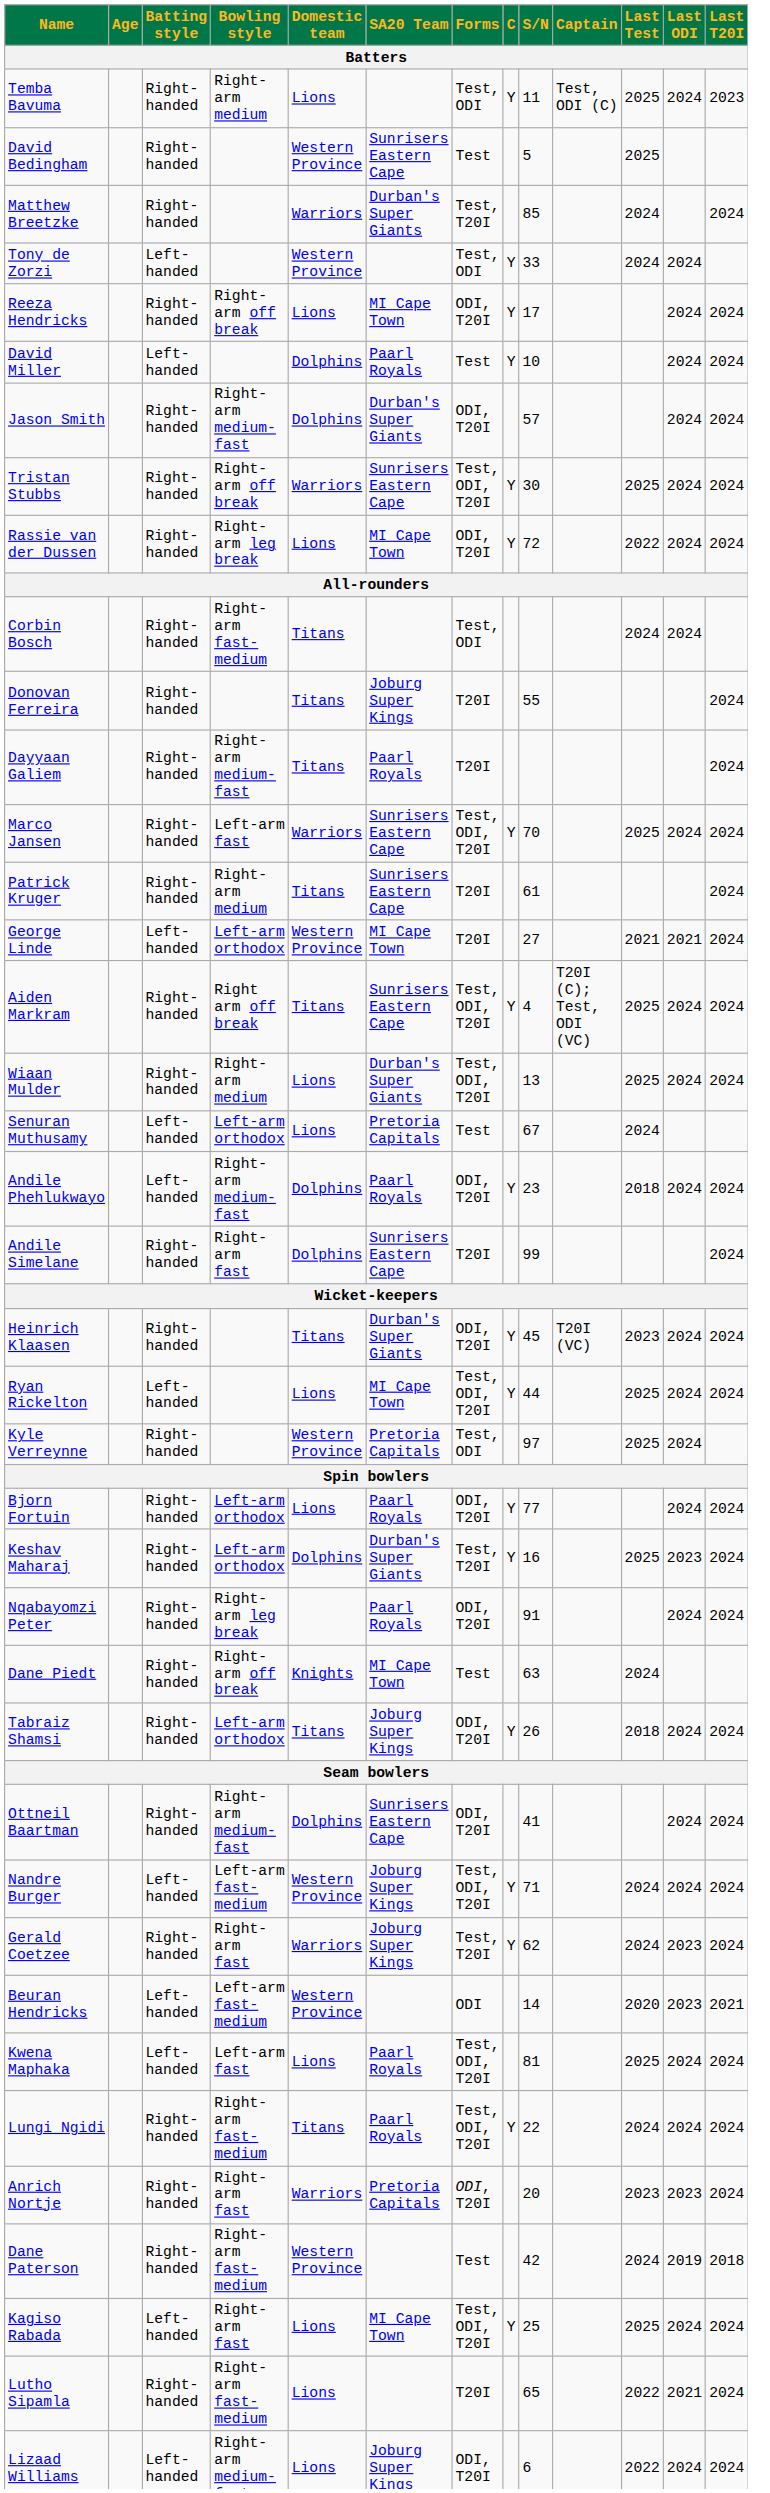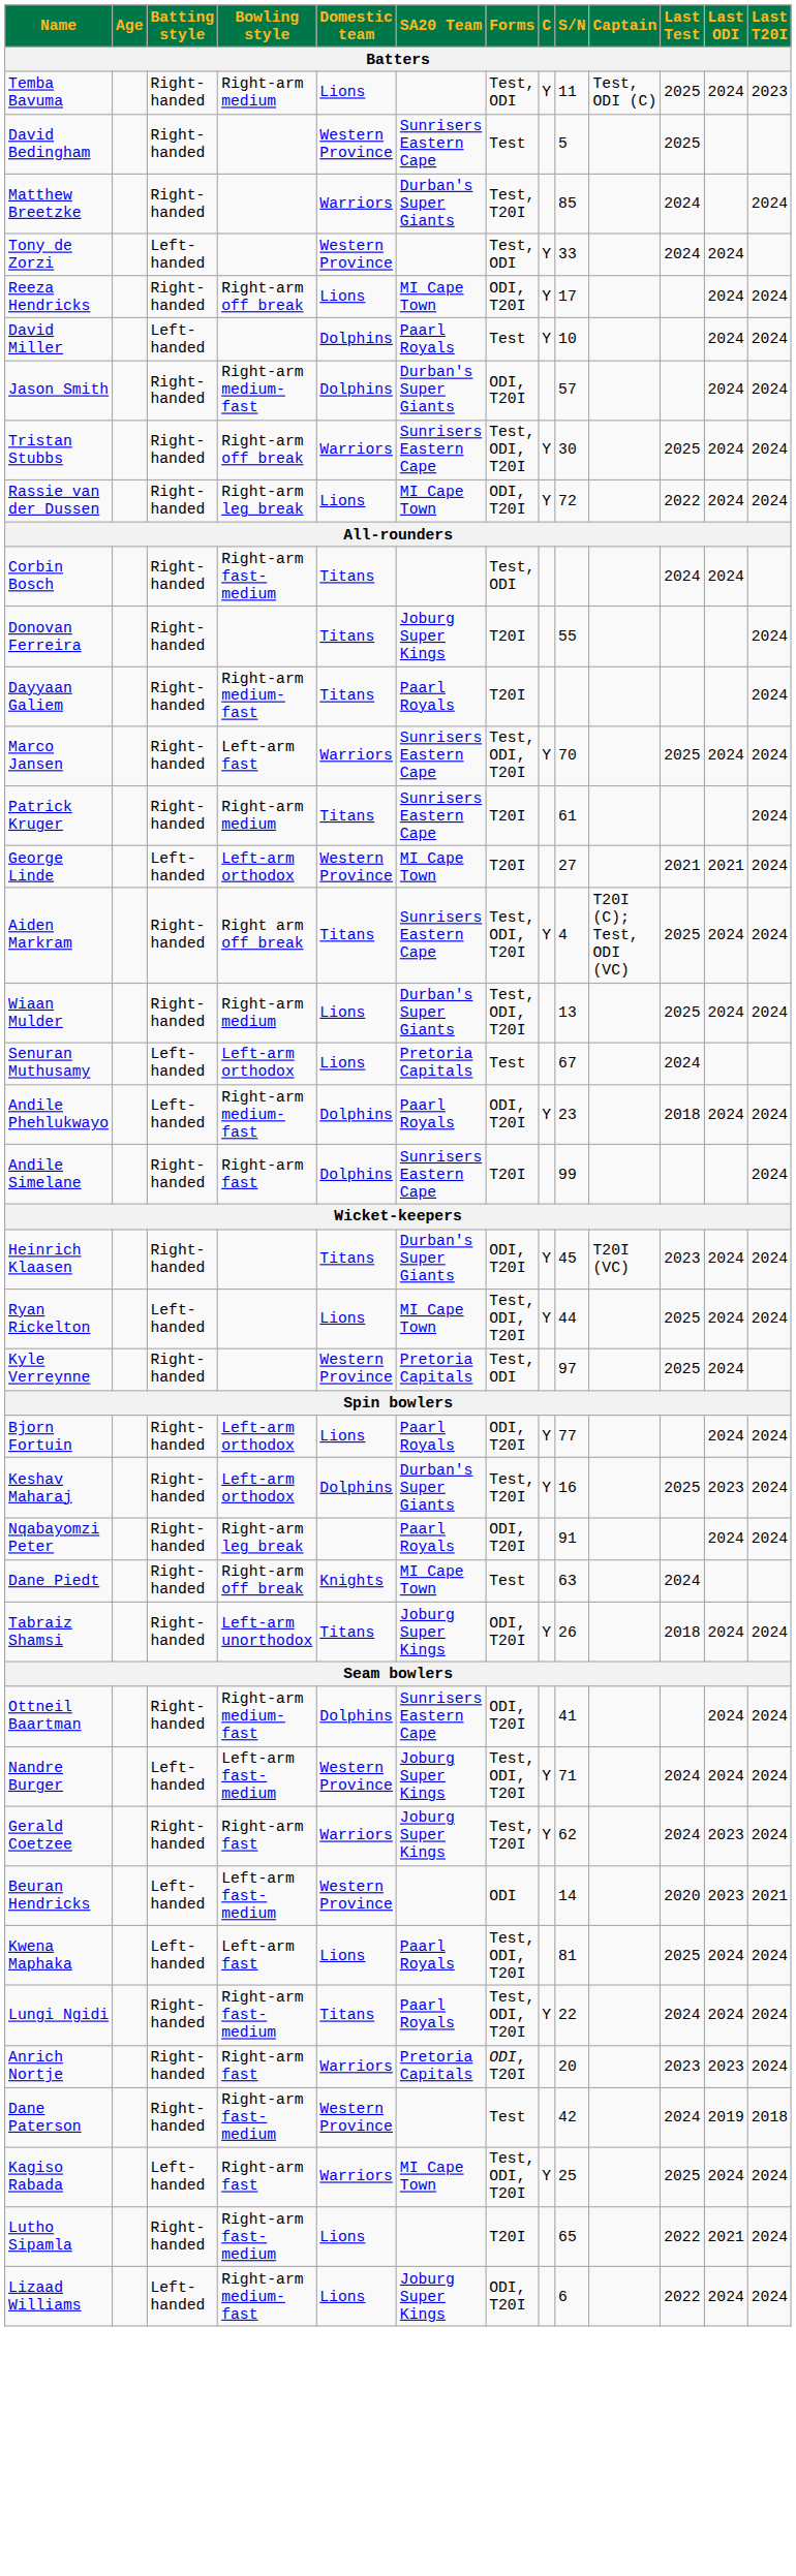 <table class="wikitable">
 <tr>
 <th style="text-align:center; background:#007749; color:#FFB81C;">Name</th>
 <th style="text-align:center; background:#007749; color:#FFB81C;">Age</th>
 <th style="text-align:center; background:#007749; color:#FFB81C;">Batting style</th>
 <th style="text-align:center; background:#007749; color:#FFB81C;">Bowling style</th>
 <th style="text-align:center; background:#007749; color:#FFB81C;">Domestic team</th>
 <th style="text-align:center; background:#007749; color:#FFB81C;">SA20 Team</th>
 <th style="text-align:center; background:#007749; color:#FFB81C;">Forms</th>
 <th style="text-align:center; background:#007749; color:#FFB81C;">C</th>
 <th style="text-align:center; background:#007749; color:#FFB81C;">S/N</th>
 <th style="text-align:center; background:#007749; color:#FFB81C;">Captain</th>
 <th style="text-align:center; background:#007749; color:#FFB81C;">Last Test</th>
 <th style="text-align:center; background:#007749; color:#FFB81C;">Last ODI</th>
 <th style="text-align:center; background:#007749; color:#FFB81C;">Last T20I</th>
 </tr>
 <tr>
 <th colspan="13">Batters</th>
 </tr>
 <tr>
 <td><a href='#'>Temba Bavuma</a></td>
 <td></td>
 <td>Right-handed</td>
 <td>Right-arm <a href='#'>medium</a></td>
 <td><a href='#'>Lions</a></td>
 <td></td>
 <td>Test, ODI</td>
 <td>Y</td>
 <td>11</td>
 <td>Test, ODI (C)</td>
 <td> 2025</td>
 <td> 2024</td>
 <td> 2023</td>
 </tr>
 <tr>
 <td><a href='#'>David Bedingham</a></td>
 <td></td>
 <td>Right-handed</td>
 <td></td>
 <td><a href='#'>Western Province</a></td>
 <td><a href='#'>Sunrisers Eastern Cape</a></td>
 <td>Test</td>
 <td></td>
 <td>5</td>
 <td></td>
 <td> 2025</td>
 <td></td>
 <td></td>
 </tr>
 <tr>
 <td><a href='#'>Matthew Breetzke</a></td>
 <td></td>
 <td>Right-handed</td>
 <td></td>
 <td><a href='#'>Warriors</a></td>
 <td><a href='#'>Durban's Super Giants</a></td>
 <td>Test, T20I</td>
 <td></td>
 <td>85</td>
 <td></td>
 <td> 2024</td>
 <td></td>
 <td> 2024</td>
 </tr>
 <tr>
 <td><a href='#'>Tony de Zorzi</a></td>
 <td></td>
 <td>Left-handed</td>
 <td></td>
 <td><a href='#'>Western Province</a></td>
 <td></td>
 <td>Test, ODI</td>
 <td>Y</td>
 <td>33</td>
 <td></td>
 <td> 2024</td>
 <td> 2024</td>
 <td></td>
 </tr>
 <tr>
 <td><a href='#'>Reeza Hendricks</a></td>
 <td></td>
 <td>Right-handed</td>
 <td>Right-arm <a href='#'>off break</a></td>
 <td><a href='#'>Lions</a></td>
 <td><a href='#'>MI Cape Town</a></td>
 <td>ODI, T20I</td>
 <td>Y</td>
 <td>17</td>
 <td></td>
 <td></td>
 <td> 2024</td>
 <td> 2024</td>
 </tr>
 <tr>
 <td><a href='#'>David Miller</a></td>
 <td></td>
 <td>Left-handed</td>
 <td></td>
 <td><a href='#'>Dolphins</a></td>
 <td><a href='#'>Paarl Royals</a></td>
 <td>Test</td>
 <td>Y</td>
 <td>10</td>
 <td></td>
 <td></td>
 <td> 2024</td>
 <td> 2024</td>
 </tr>
 <tr>
 <td><a href='#'>Jason Smith</a></td>
 <td></td>
 <td>Right-handed</td>
 <td>Right-arm <a href='#'>medium-fast</a></td>
 <td><a href='#'>Dolphins</a></td>
 <td><a href='#'>Durban's Super Giants</a></td>
 <td>ODI, T20I</td>
 <td></td>
 <td>57</td>
 <td></td>
 <td></td>
 <td> 2024</td>
 <td> 2024</td>
 </tr>
 <tr>
 <td><a href='#'>Tristan Stubbs</a></td>
 <td></td>
 <td>Right-handed</td>
 <td>Right-arm <a href='#'>off break</a></td>
 <td><a href='#'>Warriors</a></td>
 <td><a href='#'>Sunrisers Eastern Cape</a></td>
 <td>Test, ODI, T20I</td>
 <td>Y</td>
 <td>30</td>
 <td></td>
 <td> 2025</td>
 <td> 2024</td>
 <td> 2024</td>
 </tr>
 <tr>
 <td><a href='#'>Rassie van der Dussen</a></td>
 <td></td>
 <td>Right-handed</td>
 <td>Right-arm <a href='#'>leg break</a></td>
 <td><a href='#'>Lions</a></td>
 <td><a href='#'>MI Cape Town</a></td>
 <td>ODI, T20I</td>
 <td>Y</td>
 <td>72</td>
 <td></td>
 <td> 2022</td>
 <td> 2024</td>
 <td> 2024</td>
 </tr>
 <tr>
 <th colspan="13">All-rounders</th>
 </tr>
 <tr>
 <td><a href='#'>Corbin Bosch</a></td>
 <td></td>
 <td>Right-handed</td>
 <td>Right-arm <a href='#'>fast-medium</a></td>
 <td><a href='#'>Titans</a></td>
 <td></td>
 <td>Test, ODI</td>
 <td></td>
 <td></td>
 <td></td>
 <td> 2024</td>
 <td> 2024</td>
 <td></td>
 </tr>
 <tr>
 <td><a href='#'>Donovan Ferreira</a></td>
 <td></td>
 <td>Right-handed</td>
 <td></td>
 <td><a href='#'>Titans</a></td>
 <td><a href='#'>Joburg Super Kings</a></td>
 <td>T20I</td>
 <td></td>
 <td>55</td>
 <td></td>
 <td></td>
 <td></td>
 <td> 2024</td>
 </tr>
 <tr>
 <td><a href='#'>Dayyaan Galiem</a></td>
 <td></td>
 <td>Right-handed</td>
 <td>Right-arm <a href='#'>medium-fast</a></td>
 <td><a href='#'>Titans</a></td>
 <td><a href='#'>Paarl Royals</a></td>
 <td>T20I</td>
 <td></td>
 <td></td>
 <td></td>
 <td></td>
 <td></td>
 <td> 2024</td>
 </tr>
 <tr>
 <td><a href='#'>Marco Jansen</a></td>
 <td></td>
 <td>Right-handed</td>
 <td>Left-arm <a href='#'>fast</a></td>
 <td><a href='#'>Warriors</a></td>
 <td><a href='#'>Sunrisers Eastern Cape</a></td>
 <td>Test, ODI, T20I</td>
 <td>Y</td>
 <td>70</td>
 <td></td>
 <td> 2025</td>
 <td> 2024</td>
 <td> 2024</td>
 </tr>
 <tr>
 <td><a href='#'>Patrick Kruger</a></td>
 <td></td>
 <td>Right-handed</td>
 <td>Right-arm <a href='#'>medium</a></td>
 <td><a href='#'>Titans</a></td>
 <td><a href='#'>Sunrisers Eastern Cape</a></td>
 <td>T20I</td>
 <td></td>
 <td>61</td>
 <td></td>
 <td></td>
 <td></td>
 <td> 2024</td>
 </tr>
 <tr>
 <td><a href='#'>George Linde</a></td>
 <td></td>
 <td>Left-handed</td>
 <td><a href='#'>Left-arm orthodox</a></td>
 <td><a href='#'>Western Province</a></td>
 <td><a href='#'>MI Cape Town</a></td>
 <td>T20I</td>
 <td></td>
 <td>27</td>
 <td></td>
 <td> 2021</td>
 <td> 2021</td>
 <td> 2024</td>
 </tr>
 <tr>
 <td><a href='#'>Aiden Markram</a></td>
 <td></td>
 <td>Right-handed</td>
 <td>Right arm <a href='#'>off break</a></td>
 <td><a href='#'>Titans</a></td>
 <td><a href='#'>Sunrisers Eastern Cape</a></td>
 <td>Test, ODI, T20I</td>
 <td>Y</td>
 <td>4</td>
 <td>T20I (C); Test, ODI (VC)</td>
 <td> 2025</td>
 <td> 2024</td>
 <td> 2024</td>
 </tr>
 <tr>
 <td><a href='#'>Wiaan Mulder</a></td>
 <td></td>
 <td>Right-handed</td>
 <td>Right-arm <a href='#'>medium</a></td>
 <td><a href='#'>Lions</a></td>
 <td><a href='#'>Durban's Super Giants</a></td>
 <td>Test, ODI, T20I</td>
 <td></td>
 <td>13</td>
 <td></td>
 <td> 2025</td>
 <td> 2024</td>
 <td> 2024</td>
 </tr>
 <tr>
 <td><a href='#'>Senuran Muthusamy</a></td>
 <td></td>
 <td>Left-handed</td>
 <td><a href='#'>Left-arm orthodox</a></td>
 <td><a href='#'>Lions</a></td>
 <td><a href='#'>Pretoria Capitals</a></td>
 <td>Test</td>
 <td></td>
 <td>67</td>
 <td></td>
 <td> 2024</td>
 <td></td>
 <td></td>
 </tr>
 <tr>
 <td><a href='#'>Andile Phehlukwayo</a></td>
 <td></td>
 <td>Left-handed</td>
 <td>Right-arm <a href='#'>medium-fast</a></td>
 <td><a href='#'>Dolphins</a></td>
 <td><a href='#'>Paarl Royals</a></td>
 <td>ODI, T20I</td>
 <td>Y</td>
 <td>23</td>
 <td></td>
 <td> 2018</td>
 <td> 2024</td>
 <td> 2024</td>
 </tr>
 <tr>
 <td><a href='#'>Andile Simelane</a></td>
 <td></td>
 <td>Right-handed</td>
 <td>Right-arm <a href='#'>fast</a></td>
 <td><a href='#'>Dolphins</a></td>
 <td><a href='#'>Sunrisers Eastern Cape</a></td>
 <td>T20I</td>
 <td></td>
 <td>99</td>
 <td></td>
 <td></td>
 <td></td>
 <td> 2024</td>
 </tr>
 <tr>
 <th colspan="13">Wicket-keepers</th>
 </tr>
 <tr>
 <td><a href='#'>Heinrich Klaasen</a></td>
 <td></td>
 <td>Right-handed</td>
 <td></td>
 <td><a href='#'>Titans</a></td>
 <td><a href='#'>Durban's Super Giants</a></td>
 <td>ODI, T20I</td>
 <td>Y</td>
 <td>45</td>
 <td>T20I (VC)</td>
 <td> 2023</td>
 <td> 2024</td>
 <td> 2024</td>
 </tr>
 <tr>
 <td><a href='#'>Ryan Rickelton</a></td>
 <td></td>
 <td>Left-handed</td>
 <td></td>
 <td><a href='#'>Lions</a></td>
 <td><a href='#'>MI Cape Town</a></td>
 <td>Test, ODI, T20I</td>
 <td>Y</td>
 <td>44</td>
 <td></td>
 <td> 2025</td>
 <td> 2024</td>
 <td> 2024</td>
 </tr>
 <tr>
 <td><a href='#'>Kyle Verreynne</a></td>
 <td></td>
 <td>Right-handed</td>
 <td></td>
 <td><a href='#'>Western Province</a></td>
 <td><a href='#'>Pretoria Capitals</a></td>
 <td>Test, ODI</td>
 <td></td>
 <td>97</td>
 <td></td>
 <td> 2025</td>
 <td> 2024</td>
 <td></td>
 </tr>
 <tr>
 <th colspan="13">Spin bowlers</th>
 </tr>
 <tr>
 <td><a href='#'>Bjorn Fortuin</a></td>
 <td></td>
 <td>Right-handed</td>
 <td><a href='#'>Left-arm orthodox</a></td>
 <td><a href='#'>Lions</a></td>
 <td><a href='#'>Paarl Royals</a></td>
 <td>ODI, T20I</td>
 <td>Y</td>
 <td>77</td>
 <td></td>
 <td></td>
 <td> 2024</td>
 <td> 2024</td>
 </tr>
 <tr>
 <td><a href='#'>Keshav Maharaj</a></td>
 <td></td>
 <td>Right-handed</td>
 <td><a href='#'>Left-arm orthodox</a></td>
 <td><a href='#'>Dolphins</a></td>
 <td><a href='#'>Durban's Super Giants</a></td>
 <td>Test, T20I</td>
 <td>Y</td>
 <td>16</td>
 <td></td>
 <td> 2025</td>
 <td> 2023</td>
 <td> 2024</td>
 </tr>
 <tr>
 <td><a href='#'>Nqabayomzi Peter</a></td>
 <td></td>
 <td>Right-handed</td>
 <td>Right-arm <a href='#'>leg break</a></td>
 <td></td>
 <td><a href='#'>Paarl Royals</a></td>
 <td>ODI, T20I</td>
 <td></td>
 <td>91</td>
 <td></td>
 <td></td>
 <td> 2024</td>
 <td> 2024</td>
 </tr>
 <tr>
 <td><a href='#'>Dane Piedt</a></td>
 <td></td>
 <td>Right-handed</td>
 <td>Right-arm <a href='#'>off break</a></td>
 <td><a href='#'>Knights</a></td>
 <td><a href='#'>MI Cape Town</a></td>
 <td>Test</td>
 <td></td>
 <td>63</td>
 <td></td>
 <td> 2024</td>
 <td></td>
 <td></td>
 </tr>
 <tr>
 <td><a href='#'>Tabraiz Shamsi</a></td>
 <td></td>
 <td>Right-handed</td>
-<td><a href='#'>Left-arm orthodox</a></td>
+<td><a href='#'>Left-arm unorthodox</a></td>
 <td><a href='#'>Titans</a></td>
 <td><a href='#'>Joburg Super Kings</a></td>
 <td>ODI, T20I</td>
 <td>Y</td>
 <td>26</td>
 <td></td>
 <td> 2018</td>
 <td> 2024</td>
 <td> 2024</td>
 </tr>
 <tr>
 <th colspan="13">Seam bowlers</th>
 </tr>
 <tr>
 <td><a href='#'>Ottneil Baartman</a></td>
 <td></td>
 <td>Right-handed</td>
 <td>Right-arm <a href='#'>medium-fast</a></td>
 <td><a href='#'>Dolphins</a></td>
 <td><a href='#'>Sunrisers Eastern Cape</a></td>
 <td>ODI, T20I</td>
 <td></td>
 <td>41</td>
 <td></td>
 <td></td>
 <td> 2024</td>
 <td> 2024</td>
 </tr>
 <tr>
 <td><a href='#'>Nandre Burger</a></td>
 <td></td>
 <td>Left-handed</td>
 <td>Left-arm <a href='#'>fast-medium</a></td>
 <td><a href='#'>Western Province</a></td>
 <td><a href='#'>Joburg Super Kings</a></td>
 <td>Test, ODI, T20I</td>
 <td>Y</td>
 <td>71</td>
 <td></td>
 <td> 2024</td>
 <td> 2024</td>
 <td> 2024</td>
 </tr>
 <tr>
 <td><a href='#'>Gerald Coetzee</a></td>
 <td></td>
 <td>Right-handed</td>
 <td>Right-arm <a href='#'>fast</a></td>
 <td><a href='#'>Warriors</a></td>
 <td><a href='#'>Joburg Super Kings</a></td>
 <td>Test, T20I</td>
 <td>Y</td>
 <td>62</td>
 <td></td>
 <td> 2024</td>
 <td> 2023</td>
 <td> 2024</td>
 </tr>
 <tr>
 <td><a href='#'>Beuran Hendricks</a></td>
 <td></td>
 <td>Left-handed</td>
 <td>Left-arm <a href='#'>fast-medium</a></td>
 <td><a href='#'>Western Province</a></td>
 <td></td>
 <td>ODI</td>
 <td></td>
 <td>14</td>
 <td></td>
 <td> 2020</td>
 <td> 2023</td>
 <td> 2021</td>
 </tr>
 <tr>
 <td><a href='#'>Kwena Maphaka</a></td>
 <td></td>
 <td>Left-handed</td>
 <td>Left-arm <a href='#'>fast</a></td>
 <td><a href='#'>Lions</a></td>
 <td><a href='#'>Paarl Royals</a></td>
 <td>Test, ODI, T20I</td>
 <td></td>
 <td>81</td>
 <td></td>
 <td> 2025</td>
 <td> 2024</td>
 <td> 2024</td>
 </tr>
 <tr>
 <td><a href='#'>Lungi Ngidi</a></td>
 <td></td>
 <td>Right-handed</td>
 <td>Right-arm <a href='#'>fast-medium</a></td>
 <td><a href='#'>Titans</a></td>
 <td><a href='#'>Paarl Royals</a></td>
 <td>Test, ODI, T20I</td>
 <td>Y</td>
 <td>22</td>
 <td></td>
 <td> 2024</td>
 <td> 2024</td>
 <td> 2024</td>
 </tr>
 <tr>
 <td><a href='#'>Anrich Nortje</a></td>
 <td></td>
 <td>Right-handed</td>
 <td>Right-arm <a href='#'>fast</a></td>
 <td><a href='#'>Warriors</a></td>
 <td><a href='#'>Pretoria Capitals</a></td>
 <td><em>ODI</em>, T20I</td>
 <td></td>
 <td>20</td>
 <td></td>
 <td> 2023</td>
 <td> 2023</td>
 <td> 2024</td>
 </tr>
 <tr>
 <td><a href='#'>Dane Paterson</a></td>
 <td></td>
 <td>Right-handed</td>
 <td>Right-arm <a href='#'>fast-medium</a></td>
 <td><a href='#'>Western Province</a></td>
 <td></td>
 <td>Test</td>
 <td></td>
 <td>42</td>
 <td></td>
 <td> 2024</td>
 <td> 2019</td>
 <td> 2018</td>
 </tr>
 <tr>
 <td><a href='#'>Kagiso Rabada</a></td>
 <td></td>
 <td>Left-handed</td>
 <td>Right-arm <a href='#'>fast</a></td>
-<td><a href='#'>Lions</a></td>
+<td><a href='#'>Warriors</a></td>
 <td><a href='#'>MI Cape Town</a></td>
 <td>Test, ODI, T20I</td>
 <td>Y</td>
 <td>25</td>
 <td></td>
 <td> 2025</td>
 <td> 2024</td>
 <td> 2024</td>
 </tr>
 <tr>
 <td><a href='#'>Lutho Sipamla</a></td>
 <td></td>
 <td>Right-handed</td>
 <td>Right-arm <a href='#'>fast-medium</a></td>
 <td><a href='#'>Lions</a></td>
 <td></td>
 <td>T20I</td>
 <td></td>
 <td>65</td>
 <td></td>
 <td> 2022</td>
 <td> 2021</td>
 <td> 2024</td>
 </tr>
 <tr>
 <td><a href='#'>Lizaad Williams</a></td>
 <td></td>
 <td>Left-handed</td>
 <td>Right-arm <a href='#'>medium-fast</a></td>
 <td><a href='#'>Lions</a></td>
 <td><a href='#'>Joburg Super Kings</a></td>
 <td>ODI, T20I</td>
 <td></td>
 <td>6</td>
 <td></td>
 <td> 2022</td>
 <td> 2024</td>
 <td> 2024</td>
 </tr>
 </table>
